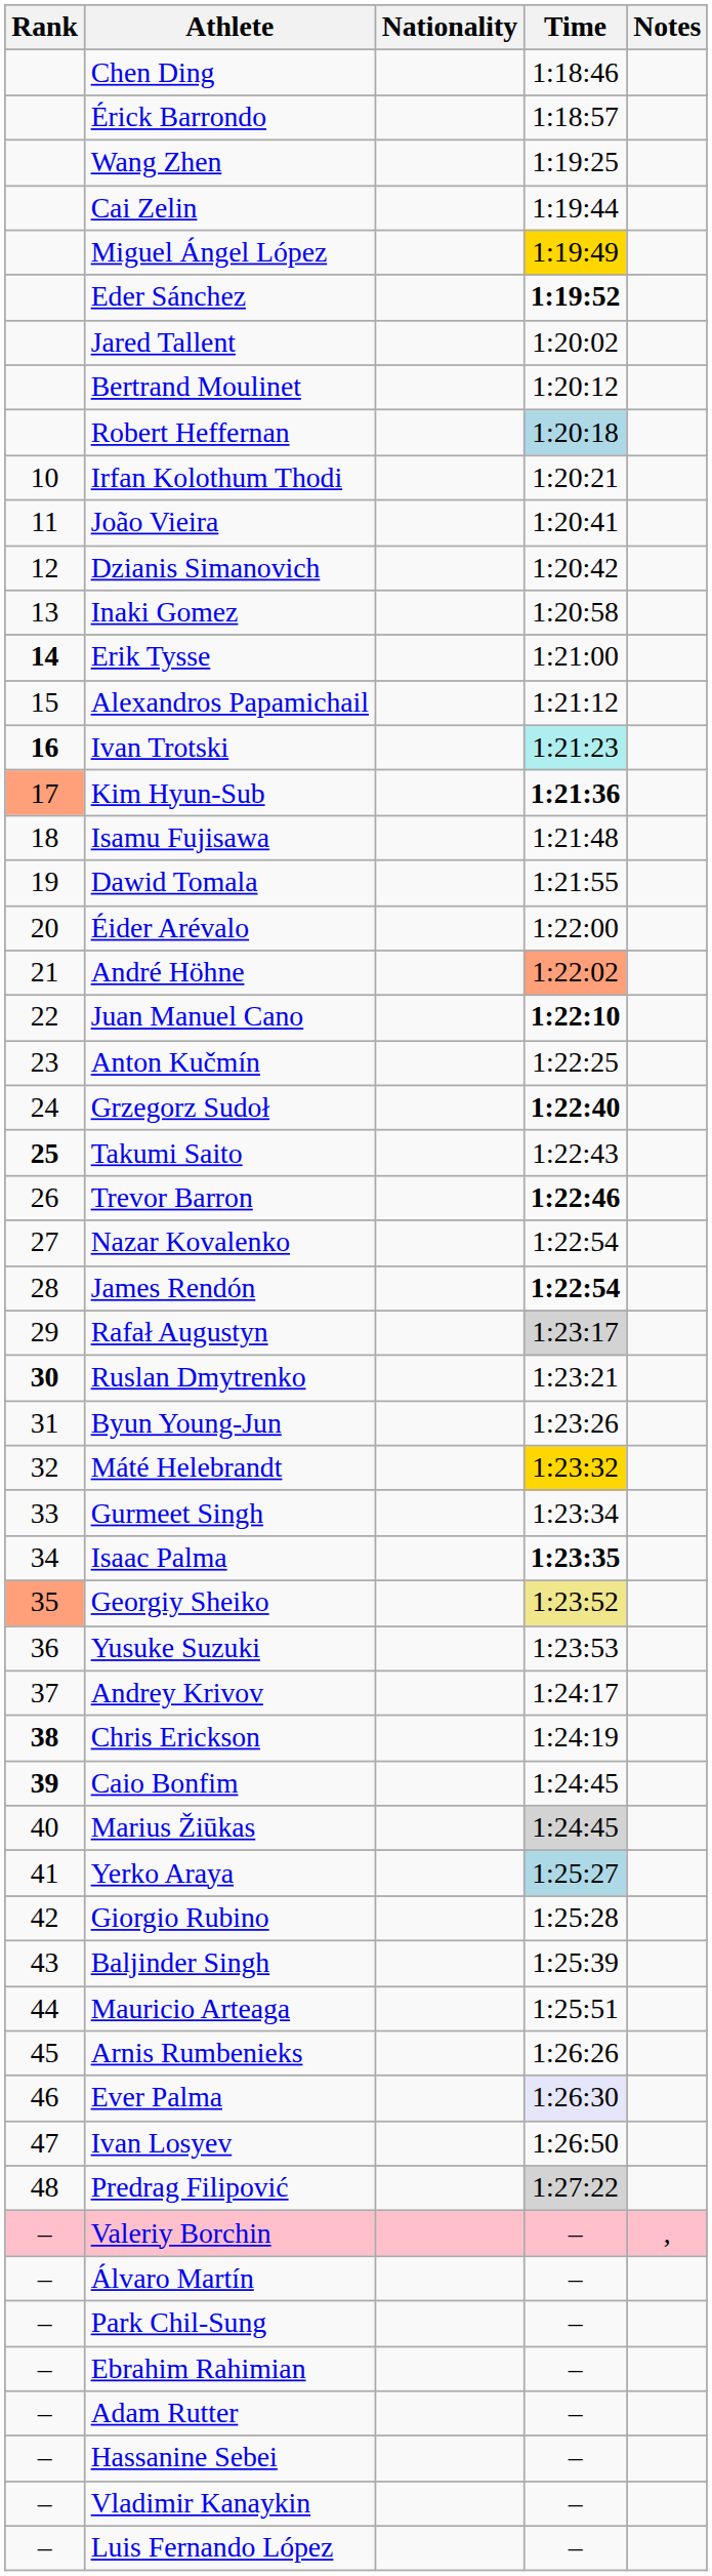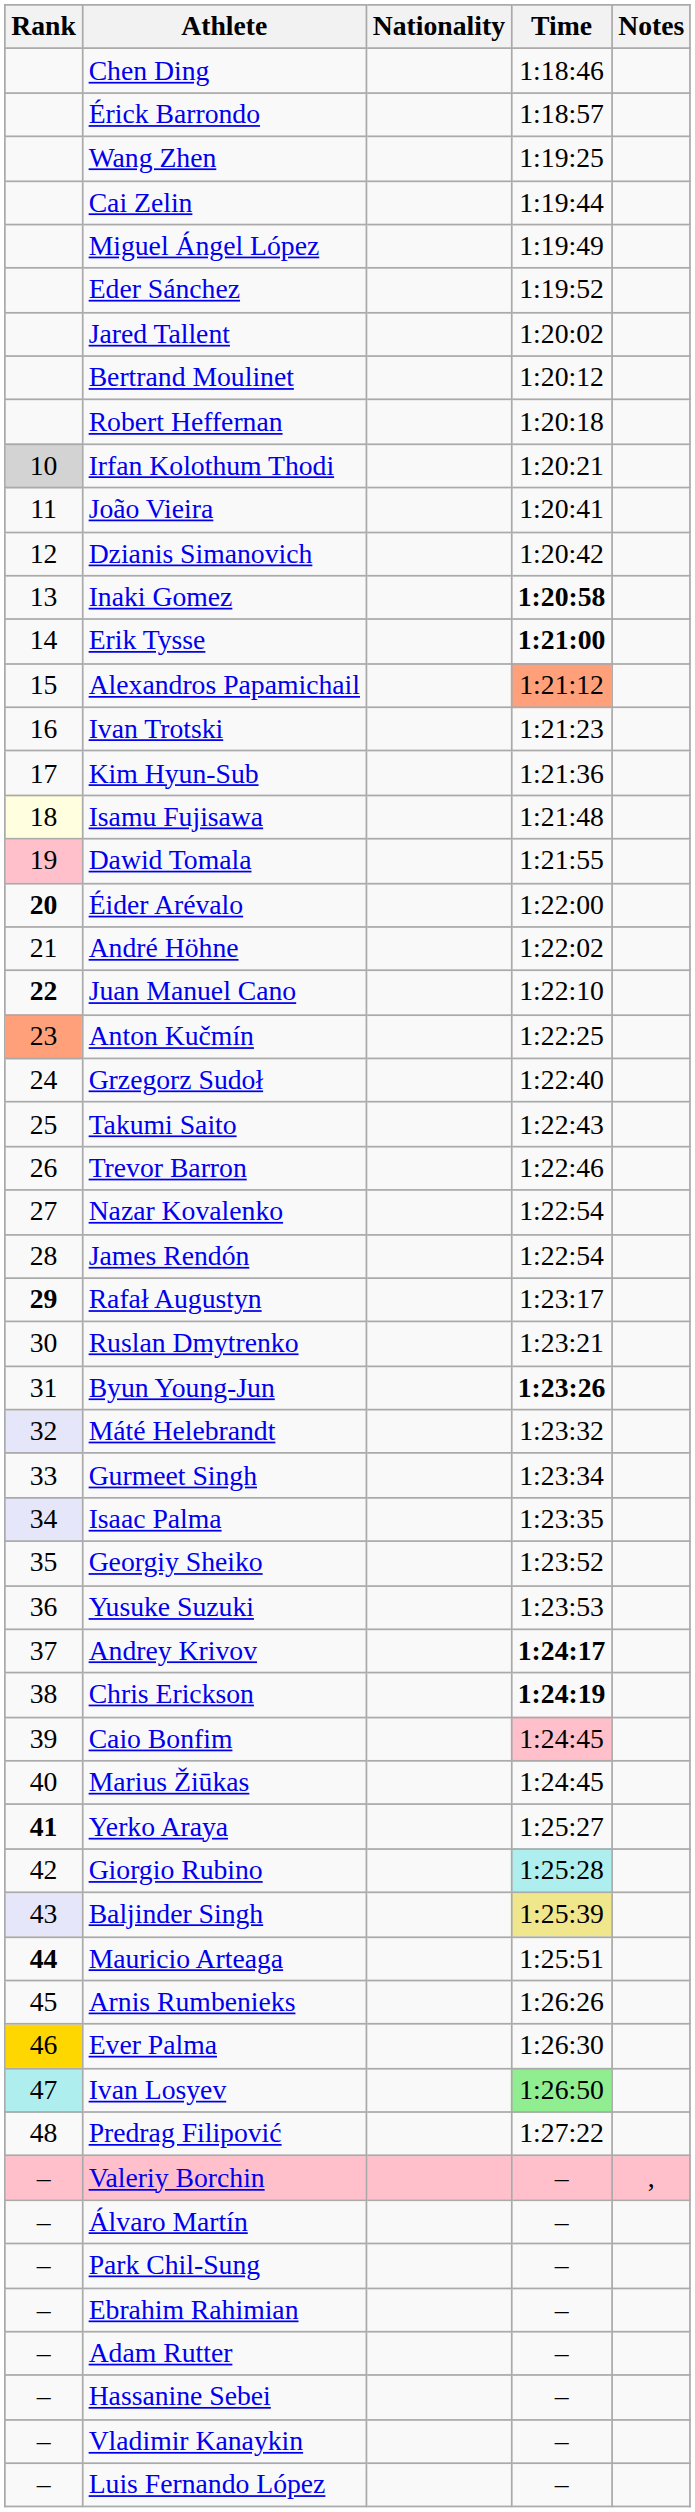 <table class="wikitable sortable" style="text-align:center">
 <tr>
 <th>Rank</th>
 <th>Athlete</th>
 <th>Nationality</th>
 <th>Time</th>
 <th>Notes</th>
 </tr>
 <tr>
 <td></td>
 <td align=left><a href='#'>Chen Ding</a></td>
 <td align=left></td>
 <td>1:18:46</td>
 <td></td>
 </tr>
 <tr>
 <td></td>
 <td align=left><a href='#'>Érick Barrondo</a></td>
 <td align=left></td>
 <td>1:18:57</td>
 <td></td>
 </tr>
 <tr>
 <td></td>
 <td align=left><a href='#'>Wang Zhen</a></td>
 <td align=left></td>
 <td>1:19:25</td>
 <td></td>
 </tr>
 <tr>
 <td></td>
 <td align=left><a href='#'>Cai Zelin</a></td>
 <td align=left></td>
 <td>1:19:44</td>
 <td></td>
 </tr>
 <tr>
 <td></td>
 <td align=left><a href='#'>Miguel Ángel López</a></td>
 <td align=left></td>
-<td style="background: gold;">1:19:49</td>
+<td>1:19:49</td>
 <td></td>
 </tr>
 <tr>
 <td></td>
 <td align=left><a href='#'>Eder Sánchez</a></td>
 <td align=left></td>
-<td><strong>1:19:52</strong></td>
+<td>1:19:52</td>
 <td></td>
 </tr>
 <tr>
 <td></td>
 <td align=left><a href='#'>Jared Tallent</a></td>
 <td align=left></td>
 <td>1:20:02</td>
 <td></td>
 </tr>
 <tr>
 <td></td>
 <td align=left><a href='#'>Bertrand Moulinet</a></td>
 <td align=left></td>
 <td>1:20:12</td>
 <td></td>
 </tr>
 <tr>
 <td></td>
 <td align=left><a href='#'>Robert Heffernan</a></td>
 <td align=left></td>
-<td style="background: lightblue;">1:20:18</td>
+<td>1:20:18</td>
 <td></td>
 </tr>
 <tr>
-<td>10</td>
+<td style="background: lightgrey;">10</td>
 <td align=left><a href='#'>Irfan Kolothum Thodi</a></td>
 <td align=left></td>
 <td>1:20:21</td>
 <td></td>
 </tr>
 <tr>
 <td>11</td>
 <td align=left><a href='#'>João Vieira</a></td>
 <td align=left></td>
 <td>1:20:41</td>
 <td></td>
 </tr>
 <tr>
 <td>12</td>
 <td align=left><a href='#'>Dzianis Simanovich</a></td>
 <td align=left></td>
 <td>1:20:42</td>
 <td></td>
 </tr>
 <tr>
 <td>13</td>
 <td align=left><a href='#'>Inaki Gomez</a></td>
 <td align=left></td>
-<td>1:20:58</td>
+<td><strong>1:20:58</strong></td>
 <td></td>
 </tr>
 <tr>
-<td><strong>14</strong></td>
+<td>14</td>
 <td align=left><a href='#'>Erik Tysse</a></td>
 <td align=left></td>
-<td>1:21:00</td>
+<td><strong>1:21:00</strong></td>
 <td></td>
 </tr>
 <tr>
 <td>15</td>
 <td align=left><a href='#'>Alexandros Papamichail</a></td>
 <td align=left></td>
-<td>1:21:12</td>
+<td style="background: lightsalmon;">1:21:12</td>
 <td></td>
 </tr>
 <tr>
-<td><strong>16</strong></td>
+<td>16</td>
 <td align=left><a href='#'>Ivan Trotski</a></td>
 <td align=left></td>
-<td style="background: paleturquoise;">1:21:23</td>
+<td>1:21:23</td>
 <td></td>
 </tr>
 <tr>
-<td style="background: lightsalmon;">17</td>
+<td>17</td>
 <td align=left><a href='#'>Kim Hyun-Sub</a></td>
 <td align=left></td>
-<td><strong>1:21:36</strong></td>
+<td>1:21:36</td>
 <td></td>
 </tr>
 <tr>
-<td>18</td>
+<td style="background: lightyellow;">18</td>
 <td align=left><a href='#'>Isamu Fujisawa</a></td>
 <td align=left></td>
 <td>1:21:48</td>
 <td></td>
 </tr>
 <tr>
-<td>19</td>
+<td style="background: pink;">19</td>
 <td align=left><a href='#'>Dawid Tomala</a></td>
 <td align=left></td>
 <td>1:21:55</td>
 <td></td>
 </tr>
 <tr>
-<td>20</td>
+<td><strong>20</strong></td>
 <td align=left><a href='#'>Éider Arévalo</a></td>
 <td align=left></td>
 <td>1:22:00</td>
 <td></td>
 </tr>
 <tr>
 <td>21</td>
 <td align=left><a href='#'>André Höhne</a></td>
 <td align=left></td>
-<td style="background: lightsalmon;">1:22:02</td>
+<td>1:22:02</td>
 <td></td>
 </tr>
 <tr>
-<td>22</td>
+<td><strong>22</strong></td>
 <td align=left><a href='#'>Juan Manuel Cano</a></td>
 <td align=left></td>
-<td><strong>1:22:10</strong></td>
+<td>1:22:10</td>
 <td></td>
 </tr>
 <tr>
-<td>23</td>
+<td style="background: lightsalmon;">23</td>
 <td align=left><a href='#'>Anton Kučmín</a></td>
 <td align=left></td>
 <td>1:22:25</td>
 <td></td>
 </tr>
 <tr>
 <td>24</td>
 <td align=left><a href='#'>Grzegorz Sudoł</a></td>
 <td align=left></td>
-<td><strong>1:22:40</strong></td>
+<td>1:22:40</td>
 <td></td>
 </tr>
 <tr>
-<td><strong>25</strong></td>
+<td>25</td>
 <td align=left><a href='#'>Takumi Saito</a></td>
 <td align=left></td>
 <td>1:22:43</td>
 <td></td>
 </tr>
 <tr>
 <td>26</td>
 <td align=left><a href='#'>Trevor Barron</a></td>
 <td align=left></td>
-<td><strong>1:22:46</strong></td>
+<td>1:22:46</td>
 <td></td>
 </tr>
 <tr>
 <td>27</td>
 <td align=left><a href='#'>Nazar Kovalenko</a></td>
 <td align=left></td>
 <td>1:22:54</td>
 <td></td>
 </tr>
 <tr>
 <td>28</td>
 <td align=left><a href='#'>James Rendón</a></td>
 <td align=left></td>
-<td><strong>1:22:54</strong></td>
+<td>1:22:54</td>
 <td></td>
 </tr>
 <tr>
-<td>29</td>
+<td><strong>29</strong></td>
 <td align=left><a href='#'>Rafał Augustyn</a></td>
 <td align=left></td>
-<td style="background: lightgrey;">1:23:17</td>
+<td>1:23:17</td>
 <td></td>
 </tr>
 <tr>
-<td><strong>30</strong></td>
+<td>30</td>
 <td align=left><a href='#'>Ruslan Dmytrenko</a></td>
 <td align=left></td>
 <td>1:23:21</td>
 <td></td>
 </tr>
 <tr>
 <td>31</td>
 <td align=left><a href='#'>Byun Young-Jun</a></td>
 <td align=left></td>
-<td>1:23:26</td>
+<td><strong>1:23:26</strong></td>
 <td></td>
 </tr>
 <tr>
-<td>32</td>
+<td style="background: lavender;">32</td>
 <td align=left><a href='#'>Máté Helebrandt</a></td>
 <td align=left></td>
-<td style="background: gold;">1:23:32</td>
+<td>1:23:32</td>
 <td></td>
 </tr>
 <tr>
 <td>33</td>
 <td align=left><a href='#'>Gurmeet Singh</a></td>
 <td align=left></td>
 <td>1:23:34</td>
 <td></td>
 </tr>
 <tr>
-<td>34</td>
+<td style="background: lavender;">34</td>
 <td align=left><a href='#'>Isaac Palma</a></td>
 <td align=left></td>
-<td><strong>1:23:35</strong></td>
+<td>1:23:35</td>
 <td></td>
 </tr>
 <tr>
-<td style="background: lightsalmon;">35</td>
+<td>35</td>
 <td align=left><a href='#'>Georgiy Sheiko</a></td>
 <td align=left></td>
-<td style="background: khaki;">1:23:52</td>
+<td>1:23:52</td>
 <td></td>
 </tr>
 <tr>
 <td>36</td>
 <td align=left><a href='#'>Yusuke Suzuki</a></td>
 <td align=left></td>
 <td>1:23:53</td>
 <td></td>
 </tr>
 <tr>
 <td>37</td>
 <td align=left><a href='#'>Andrey Krivov</a></td>
 <td align=left></td>
-<td>1:24:17</td>
+<td><strong>1:24:17</strong></td>
 <td></td>
 </tr>
 <tr>
-<td><strong>38</strong></td>
+<td>38</td>
 <td align=left><a href='#'>Chris Erickson</a></td>
 <td align=left></td>
-<td>1:24:19</td>
+<td><strong>1:24:19</strong></td>
 <td></td>
 </tr>
 <tr>
-<td><strong>39</strong></td>
+<td>39</td>
 <td align=left><a href='#'>Caio Bonfim</a></td>
 <td align=left></td>
-<td>1:24:45</td>
+<td style="background: pink;">1:24:45</td>
 <td></td>
 </tr>
 <tr>
 <td>40</td>
 <td align=left><a href='#'>Marius Žiūkas</a></td>
 <td align=left></td>
-<td style="background: lightgrey;">1:24:45</td>
+<td>1:24:45</td>
 <td></td>
 </tr>
 <tr>
-<td>41</td>
+<td><strong>41</strong></td>
 <td align=left><a href='#'>Yerko Araya</a></td>
 <td align=left></td>
-<td style="background: lightblue;">1:25:27</td>
+<td>1:25:27</td>
 <td></td>
 </tr>
 <tr>
 <td>42</td>
 <td align=left><a href='#'>Giorgio Rubino</a></td>
 <td align=left></td>
-<td>1:25:28</td>
+<td style="background: paleturquoise;">1:25:28</td>
 <td></td>
 </tr>
 <tr>
-<td>43</td>
+<td style="background: lavender;">43</td>
 <td align=left><a href='#'>Baljinder Singh</a></td>
 <td align=left></td>
-<td>1:25:39</td>
+<td style="background: khaki;">1:25:39</td>
 <td></td>
 </tr>
 <tr>
-<td>44</td>
+<td><strong>44</strong></td>
 <td align=left><a href='#'>Mauricio Arteaga</a></td>
 <td align=left></td>
 <td>1:25:51</td>
 <td></td>
 </tr>
 <tr>
 <td>45</td>
 <td align=left><a href='#'>Arnis Rumbenieks</a></td>
 <td align=left></td>
 <td>1:26:26</td>
 <td></td>
 </tr>
 <tr>
-<td>46</td>
+<td style="background: gold;">46</td>
 <td align=left><a href='#'>Ever Palma</a></td>
 <td align=left></td>
-<td style="background: lavender;">1:26:30</td>
+<td>1:26:30</td>
 <td></td>
 </tr>
 <tr>
-<td>47</td>
+<td style="background: paleturquoise;">47</td>
 <td align=left><a href='#'>Ivan Losyev</a></td>
 <td align=left></td>
-<td>1:26:50</td>
+<td style="background: lightgreen;">1:26:50</td>
 <td></td>
 </tr>
 <tr>
 <td>48</td>
 <td align=left><a href='#'>Predrag Filipović</a></td>
 <td align=left></td>
-<td style="background: lightgrey;">1:27:22</td>
+<td>1:27:22</td>
 <td></td>
 </tr>
 <tr bgcolor=pink>
 <td>–</td>
 <td align=left><a href='#'>Valeriy Borchin</a></td>
 <td align=left></td>
 <td>–</td>
 <td>, </td>
 </tr>
 <tr>
 <td>–</td>
 <td align=left><a href='#'>Álvaro Martín</a></td>
 <td align=left></td>
 <td>–</td>
 <td></td>
 </tr>
 <tr>
 <td>–</td>
 <td align=left><a href='#'>Park Chil-Sung</a></td>
 <td align=left></td>
 <td>–</td>
 <td></td>
 </tr>
 <tr>
 <td>–</td>
 <td align=left><a href='#'>Ebrahim Rahimian</a></td>
 <td align=left></td>
 <td>–</td>
 <td></td>
 </tr>
 <tr>
 <td>–</td>
 <td align=left><a href='#'>Adam Rutter</a></td>
 <td align=left></td>
 <td>–</td>
 <td></td>
 </tr>
 <tr>
 <td>–</td>
 <td align=left><a href='#'>Hassanine Sebei</a></td>
 <td align=left></td>
 <td>–</td>
 <td></td>
 </tr>
 <tr>
 <td>–</td>
 <td align=left><a href='#'>Vladimir Kanaykin</a></td>
 <td align=left></td>
 <td>–</td>
 <td></td>
 </tr>
 <tr>
 <td>–</td>
 <td align=left><a href='#'>Luis Fernando López</a></td>
 <td align=left></td>
 <td>–</td>
 <td></td>
 </tr>
 </table>
